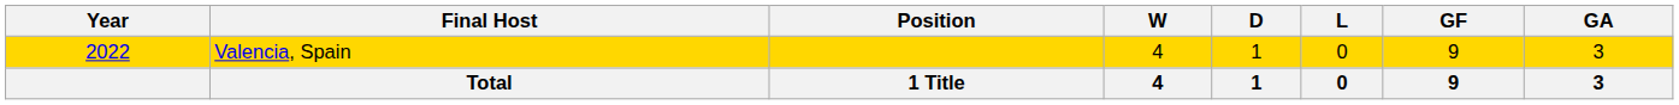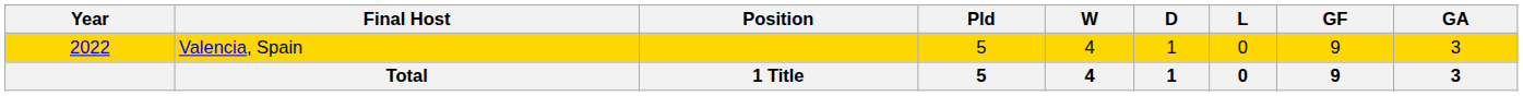 <table class="wikitable" style="text-align: center; width:85%">
 <tr>
 <th>Year</th>
 <th>Final Host</th>
 <th>Position</th>
+<th>Pld</th>
 <th>W</th>
 <th>D</th>
 <th>L</th>
 <th>GF</th>
 <th>GA</th>
 </tr>
 <tr bgcolor=gold>
 <td><a href='#'>2022</a></td>
 <td align=left> <a href='#'>Valencia</a>, Spain</td>
 <td></td>
+<td>5</td>
 <td>4</td>
 <td>1</td>
 <td>0</td>
 <td>9</td>
 <td>3</td>
 </tr>
 <tr>
 <th></th>
 <th>Total</th>
 <th>1 Title</th>
+<th>5</th>
 <th>4</th>
 <th>1</th>
 <th>0</th>
 <th>9</th>
 <th>3</th>
 </tr>
 </table>
